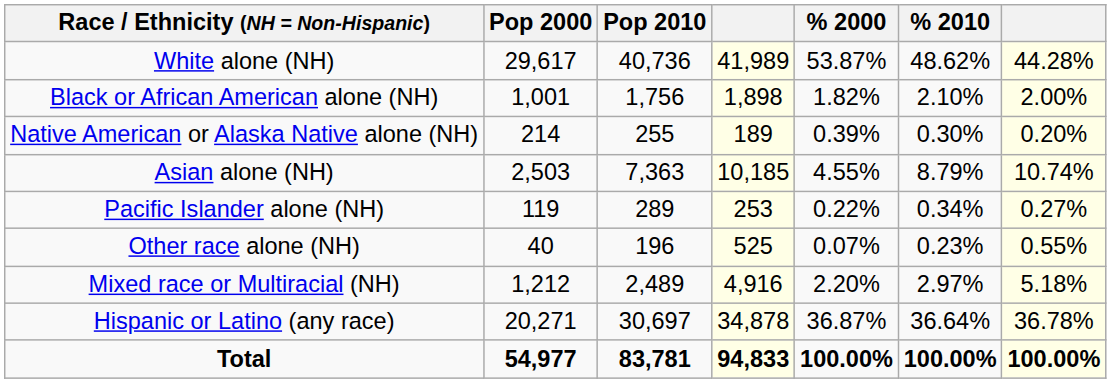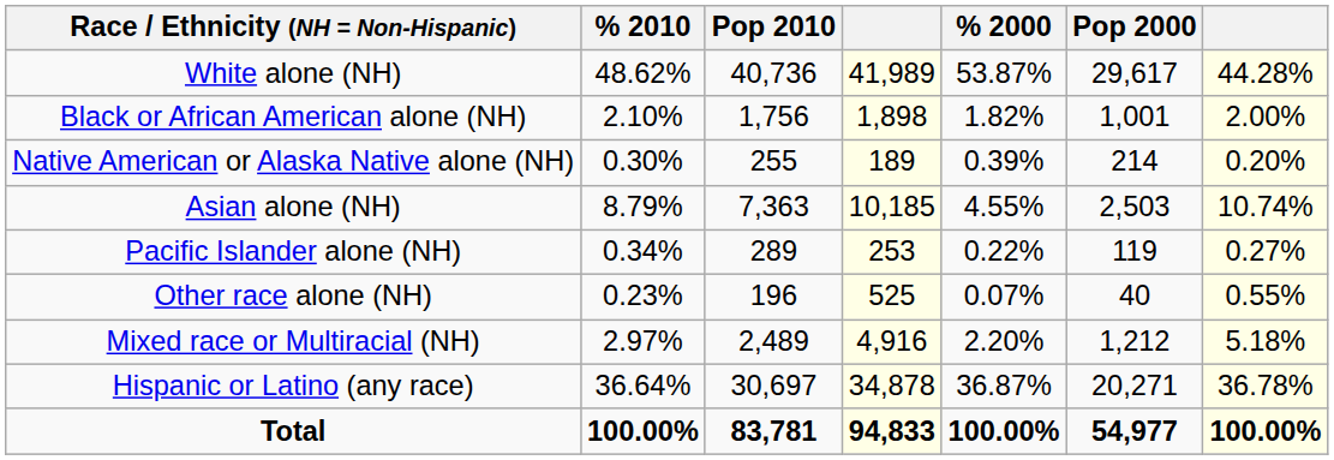 <table class="wikitable" style="text-align:center;">
 <tr>
 <th>Race / Ethnicity <small>(<em>NH = Non-Hispanic</em>)</small></th>
-<th>Pop 2000</th>
+<th>% 2010</th>
 <th>Pop 2010</th>
 <th></th>
 <th>% 2000</th>
-<th>% 2010</th>
+<th>Pop 2000</th>
 <th></th>
 </tr>
 <tr>
 <td><a href='#'>White</a> alone (NH)</td>
-<td>29,617</td>
+<td>48.62%</td>
 <td>40,736</td>
 <td style='background: #ffffe6;'>41,989</td>
 <td>53.87%</td>
-<td>48.62%</td>
+<td>29,617</td>
 <td style='background: #ffffe6;'>44.28%</td>
 </tr>
 <tr>
 <td><a href='#'>Black or African American</a> alone (NH)</td>
-<td>1,001</td>
+<td>2.10%</td>
 <td>1,756</td>
 <td style='background: #ffffe6;'>1,898</td>
 <td>1.82%</td>
-<td>2.10%</td>
+<td>1,001</td>
 <td style='background: #ffffe6;'>2.00%</td>
 </tr>
 <tr>
 <td><a href='#'>Native American</a> or <a href='#'>Alaska Native</a> alone (NH)</td>
-<td>214</td>
+<td>0.30%</td>
 <td>255</td>
 <td style='background: #ffffe6;'>189</td>
 <td>0.39%</td>
-<td>0.30%</td>
+<td>214</td>
 <td style='background: #ffffe6;'>0.20%</td>
 </tr>
 <tr>
 <td><a href='#'>Asian</a> alone (NH)</td>
-<td>2,503</td>
+<td>8.79%</td>
 <td>7,363</td>
 <td style='background: #ffffe6;'>10,185</td>
 <td>4.55%</td>
-<td>8.79%</td>
+<td>2,503</td>
 <td style='background: #ffffe6;'>10.74%</td>
 </tr>
 <tr>
 <td><a href='#'>Pacific Islander</a> alone (NH)</td>
-<td>119</td>
+<td>0.34%</td>
 <td>289</td>
 <td style='background: #ffffe6;'>253</td>
 <td>0.22%</td>
-<td>0.34%</td>
+<td>119</td>
 <td style='background: #ffffe6;'>0.27%</td>
 </tr>
 <tr>
 <td><a href='#'>Other race</a> alone (NH)</td>
-<td>40</td>
+<td>0.23%</td>
 <td>196</td>
 <td style='background: #ffffe6;'>525</td>
 <td>0.07%</td>
-<td>0.23%</td>
+<td>40</td>
 <td style='background: #ffffe6;'>0.55%</td>
 </tr>
 <tr>
 <td><a href='#'>Mixed race or Multiracial</a> (NH)</td>
-<td>1,212</td>
+<td>2.97%</td>
 <td>2,489</td>
 <td style='background: #ffffe6;'>4,916</td>
 <td>2.20%</td>
-<td>2.97%</td>
+<td>1,212</td>
 <td style='background: #ffffe6;'>5.18%</td>
 </tr>
 <tr>
 <td><a href='#'>Hispanic or Latino</a> (any race)</td>
-<td>20,271</td>
+<td>36.64%</td>
 <td>30,697</td>
 <td style='background: #ffffe6;'>34,878</td>
 <td>36.87%</td>
-<td>36.64%</td>
+<td>20,271</td>
 <td style='background: #ffffe6;'>36.78%</td>
 </tr>
 <tr>
 <td><strong>Total</strong></td>
-<td><strong>54,977</strong></td>
+<td><strong>100.00%</strong></td>
 <td><strong>83,781</strong></td>
 <td style='background: #ffffe6;'><strong>94,833</strong></td>
 <td><strong>100.00%</strong></td>
-<td><strong>100.00%</strong></td>
+<td><strong>54,977</strong></td>
 <td style='background: #ffffe6;'><strong>100.00%</strong></td>
 </tr>
 </table>
